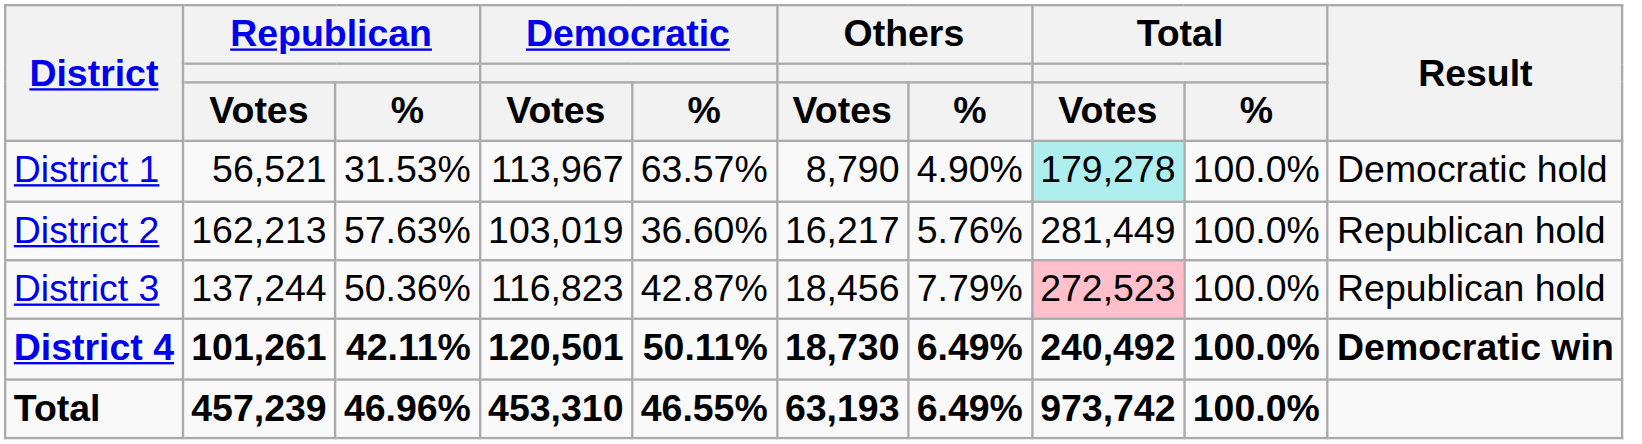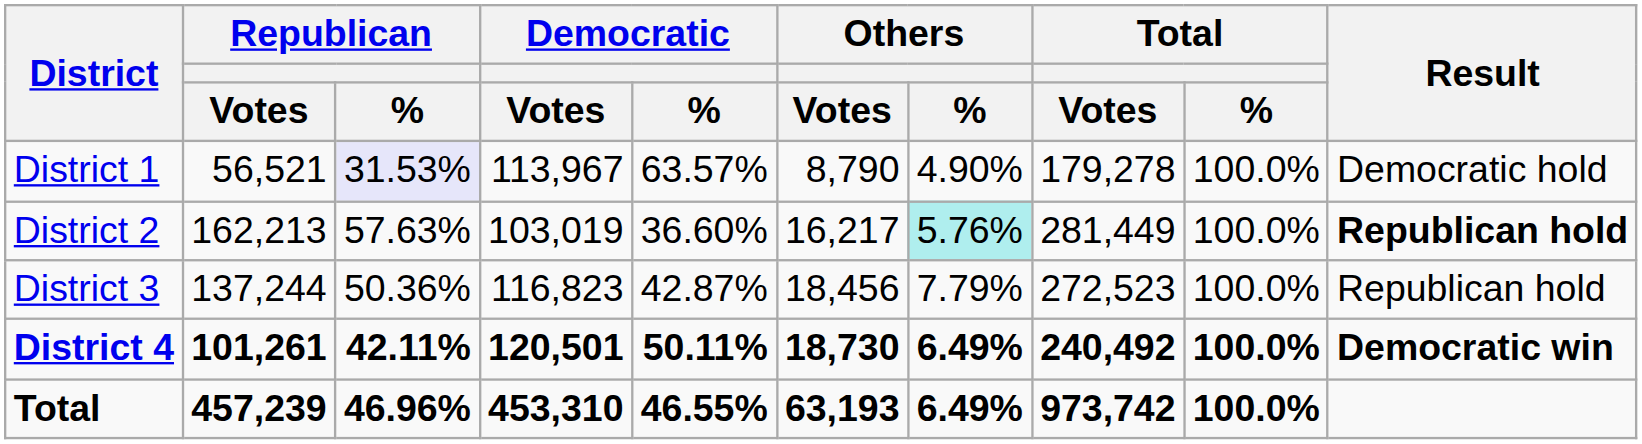 <table class="wikitable plainrowheaders sortable" style="font-size:100%; text-align:right;">
 <tr>
 <th scope=col rowspan=3><a href='#'>District</a></th>
 <th scope=col colspan=2><a href='#'>Republican</a></th>
 <th scope=col colspan=2><a href='#'>Democratic</a></th>
 <th scope=col colspan=2>Others</th>
 <th scope=col colspan=2>Total</th>
 <th scope=col rowspan=3>Result</th>
 </tr>
 <tr>
 <th scope=col colspan=2 style="background:"></th>
 <th scope=col colspan=2 style="background:"></th>
 <th scope=col colspan=2></th>
 <th scope=col colspan=2></th>
 </tr>
 <tr>
 <th scope=col data-sort-type="number">Votes</th>
 <th scope=col data-sort-type="number">%</th>
 <th scope=col data-sort-type="number">Votes</th>
 <th scope=col data-sort-type="number">%</th>
 <th scope=col data-sort-type="number">Votes</th>
 <th scope=col data-sort-type="number">%</th>
 <th scope=col data-sort-type="number">Votes</th>
 <th scope=col data-sort-type="number">%</th>
 </tr>
 <tr>
 <td align=left><a href='#'>District 1</a></td>
 <td>56,521</td>
-<td>31.53%</td>
+<td style="background: lavender;">31.53%</td>
 <td>113,967</td>
 <td>63.57%</td>
 <td>8,790</td>
 <td>4.90%</td>
-<td style="background: paleturquoise;">179,278</td>
+<td>179,278</td>
 <td>100.0%</td>
 <td align=left>Democratic hold</td>
 </tr>
 <tr>
 <td align=left><a href='#'>District 2</a></td>
 <td>162,213</td>
 <td>57.63%</td>
 <td>103,019</td>
 <td>36.60%</td>
 <td>16,217</td>
-<td>5.76%</td>
+<td style="background: paleturquoise;">5.76%</td>
 <td>281,449</td>
 <td>100.0%</td>
-<td align=left>Republican hold</td>
+<td align=left><strong>Republican hold</strong></td>
 </tr>
 <tr>
 <td align=left><a href='#'>District 3</a></td>
 <td>137,244</td>
 <td>50.36%</td>
 <td>116,823</td>
 <td>42.87%</td>
 <td>18,456</td>
 <td>7.79%</td>
-<td style="background: pink;">272,523</td>
+<td>272,523</td>
 <td>100.0%</td>
 <td align=left>Republican hold</td>
 </tr>
 <tr>
 <td align=left><strong><a href='#'>District 4</a></strong></td>
 <td><strong>101,261</strong></td>
 <td><strong>42.11%</strong></td>
 <td><strong>120,501</strong></td>
 <td><strong>50.11%</strong></td>
 <td><strong>18,730</strong></td>
 <td><strong>6.49%</strong></td>
 <td><strong>240,492</strong></td>
 <td><strong>100.0%</strong></td>
 <td align=left><strong>Democratic win</strong></td>
 </tr>
 <tr class="sortbottom" style="font-weight:bold">
 <td align=left>Total</td>
 <td>457,239</td>
 <td>46.96%</td>
 <td>453,310</td>
 <td>46.55%</td>
 <td>63,193</td>
 <td>6.49%</td>
 <td>973,742</td>
 <td>100.0%</td>
 <td></td>
 </tr>
 </table>
